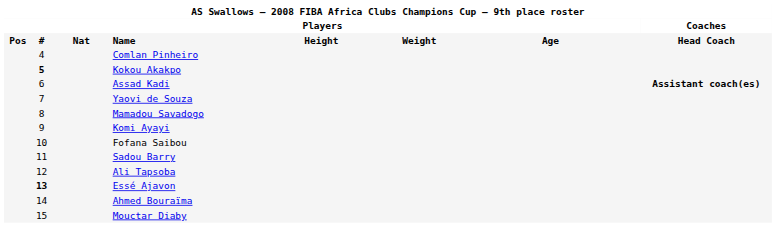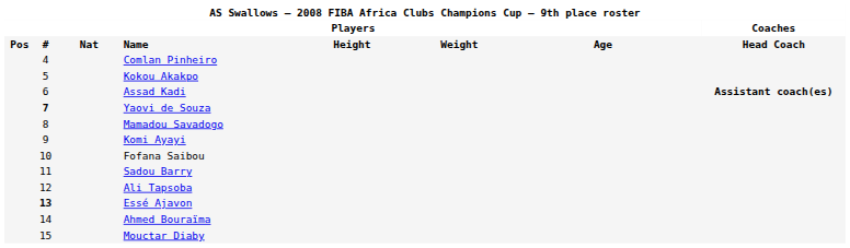 <table border=0 cellpadding=2 cellspacing=0  |- bgcolor=#f5f5f5 style="text-align:center; font-size:90%;" width=75%>
 <tr>
 <td colspan="8" style="background: white; color: black"><strong>AS Swallows – 2008 FIBA Africa Clubs Champions Cup – 9th place roster</strong></td>
 </tr>
 <tr>
 <td colspan="7" style="background: white; color: black"><strong>Players</strong></td>
 <td style="background: white; color: black"><strong>Coaches</strong></td>
 </tr>
 <tr style="background=#f5f5f5; color: black">
 <th width=5px>Pos</th>
 <th width=5px>#</th>
 <th width=50px>Nat</th>
 <th width=135px align=left>Name</th>
 <th width=100px>Height</th>
 <th width=70px>Weight</th>
 <th width=160px>Age</th>
 <th width=115px>Head Coach</th>
 </tr>
 <tr>
 <td></td>
 <td>4</td>
 <td></td>
 <td align=left><a href='#'>Comlan Pinheiro</a></td>
 <td></td>
 <td></td>
 <td><span></span></td>
 <td align=left></td>
 </tr>
 <tr>
 <td></td>
-<td><strong>5</strong></td>
+<td>5</td>
 <td></td>
 <td align=left><a href='#'>Kokou Akakpo</a></td>
 <td></td>
 <td></td>
 <td><span></span></td>
 </tr>
 <tr>
 <td></td>
 <td>6</td>
 <td></td>
 <td align=left><a href='#'>Assad Kadi</a></td>
 <td></td>
 <td></td>
 <td><span></span></td>
 <td><strong>Assistant coach(es)</strong></td>
 </tr>
 <tr>
 <td></td>
-<td>7</td>
+<td><strong>7</strong></td>
 <td></td>
 <td align=left><a href='#'>Yaovi de Souza</a></td>
 <td></td>
 <td></td>
 <td><span></span></td>
 <td align=left></td>
 </tr>
 <tr>
 <td></td>
 <td>8</td>
 <td></td>
 <td align=left><a href='#'>Mamadou Savadogo</a></td>
 <td></td>
 <td></td>
 <td><span></span></td>
 <td align=left></td>
 </tr>
 <tr>
 <td></td>
 <td>9</td>
 <td></td>
 <td align=left><a href='#'>Komi Ayayi</a></td>
 <td></td>
 <td></td>
 <td><span></span></td>
 </tr>
 <tr>
 <td></td>
 <td>10</td>
 <td></td>
 <td align=left>Fofana Saibou</td>
 <td></td>
 <td></td>
 <td><span></span></td>
 </tr>
 <tr>
 <td></td>
 <td>11</td>
 <td></td>
 <td align=left><a href='#'>Sadou Barry</a></td>
 <td></td>
 <td></td>
 <td><span></span></td>
 </tr>
 <tr>
 <td></td>
 <td>12</td>
 <td></td>
 <td align=left><a href='#'>Ali Tapsoba</a></td>
 <td></td>
 <td></td>
 <td><span></span></td>
 </tr>
 <tr>
 <td></td>
 <td><strong>13</strong></td>
 <td></td>
 <td align=left><a href='#'>Essé Ajavon</a></td>
 <td></td>
 <td></td>
 <td><span></span></td>
 </tr>
 <tr>
 <td></td>
 <td>14</td>
 <td></td>
 <td align=left><a href='#'>Ahmed Bouraïma</a></td>
 <td></td>
 <td></td>
 <td><span></span></td>
 </tr>
 <tr>
 <td></td>
 <td>15</td>
 <td></td>
 <td align=left><a href='#'>Mouctar Diaby</a></td>
 <td></td>
 <td></td>
 <td><span></span></td>
 </tr>
 </table>
